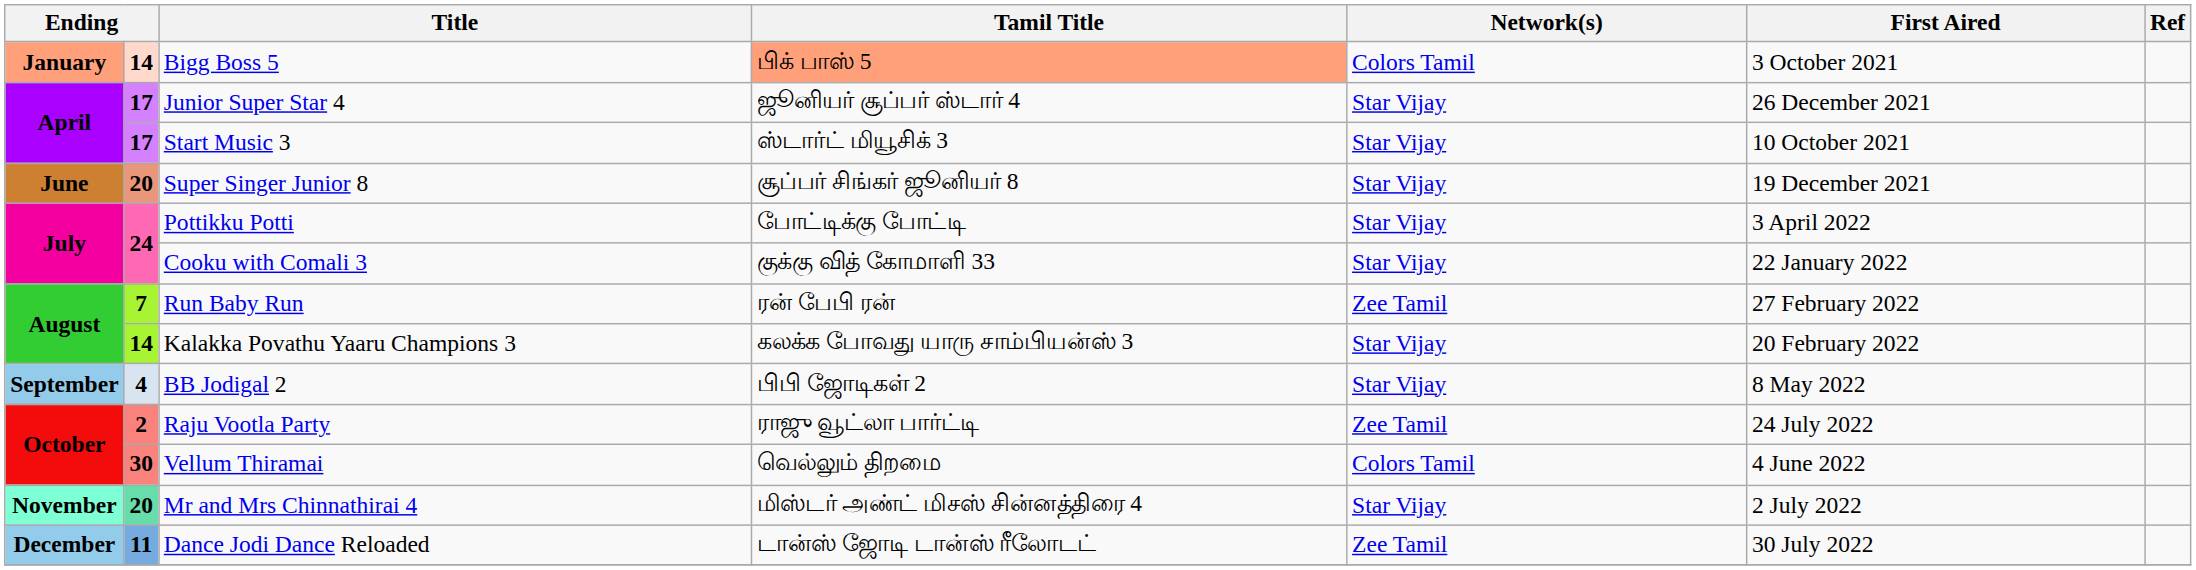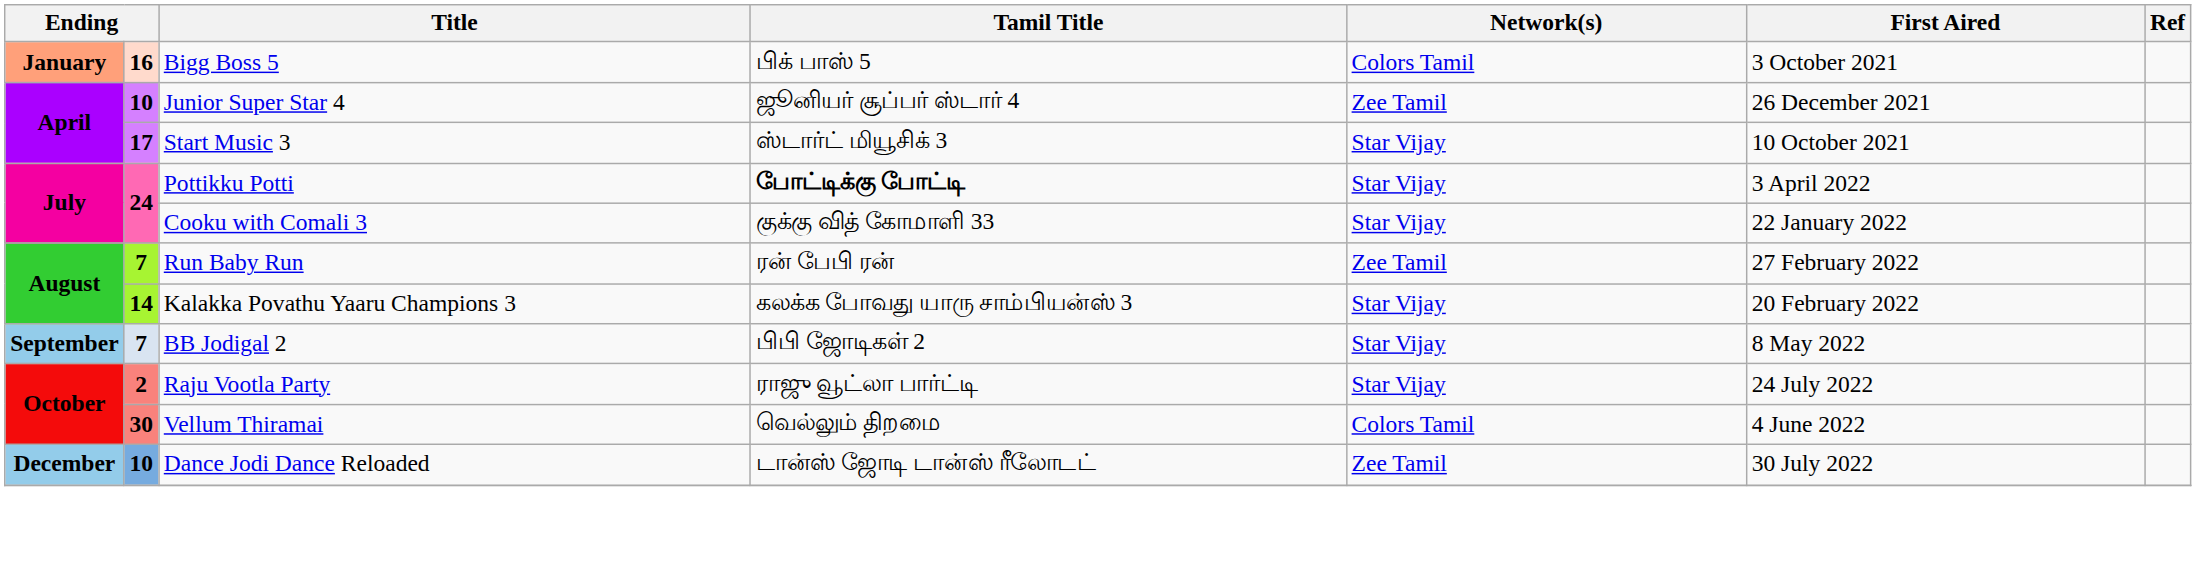 <table class="wikitable" width="75%">
 <tr>
 <th colspan="2">Ending</th>
 <th style="width:30%;">Title</th>
 <th style="width:30%;">Tamil Title</th>
 <th style="width:20%;">Network(s)</th>
 <th style="width:20%;">First Aired</th>
 <th>Ref</th>
 </tr>
 <tr>
 <td rowspan="1" style="text-align:center;background:#ffa07a;textcolor:#000;"><strong>January</strong></td>
-<td style="text-align:center; background:#ffdacc;"><strong>14</strong></td>
+<td style="text-align:center; background:#ffdacc;"><strong>16</strong></td>
 <td><a href='#'>Bigg Boss 5</a></td>
-<td style="background: lightsalmon;">பிக் பாஸ் 5</td>
+<td>பிக் பாஸ் 5</td>
 <td><a href='#'>Colors Tamil</a></td>
 <td>3 October 2021</td>
 <td></td>
 </tr>
 <tr>
 <td rowspan="2" style="text-align:center; background:#a0f; textcolor:#d580ff;"><strong>April</strong></td>
-<td style="text-align:center; background:#d580ff"><strong>17</strong></td>
+<td style="text-align:center; background:#d580ff"><strong>10</strong></td>
 <td><a href='#'>Junior Super Star</a> 4</td>
 <td>ஜூனியர் சூப்பர் ஸ்டார் 4</td>
-<td><a href='#'>Star Vijay</a></td>
+<td><a href='#'>Zee Tamil</a></td>
 <td>26 December 2021</td>
 <td></td>
 </tr>
 <tr>
 <td style="text-align:center; background:#d580ff"><strong>17</strong></td>
 <td><a href='#'>Start Music</a> 3</td>
 <td>ஸ்டார்ட் மியூசிக் 3</td>
 <td><a href='#'>Star Vijay</a></td>
 <td>10 October 2021</td>
 <td></td>
 </tr>
 <tr>
-<td rowspan="1" style="text-align:center; background:#CD7F32; textcolor:#000;"><strong>June</strong></td>
-<td style="text-align:center; background:#e9967a;"><strong>20</strong></td>
-<td><a href='#'>Super Singer Junior</a> 8</td>
-<td>சூப்பர் சிங்கர் ஜூனியர் 8</td>
-<td><a href='#'>Star Vijay</a></td>
-<td>19 December 2021</td>
-<td></td>
-</tr>
-<tr>
 <td rowspan="2" style="text-align:center; background:#F400A1; textcolor:#000;"><strong>July</strong></td>
 <td rowspan="2" style="text-align:center; background:hotPink;"><strong>24</strong></td>
 <td><a href='#'>Pottikku Potti</a></td>
-<td>போட்டிக்கு போட்டி</td>
+<td><strong>போட்டிக்கு போட்டி</strong></td>
 <td><a href='#'>Star Vijay</a></td>
 <td>3 April 2022</td>
 <td></td>
 </tr>
 <tr>
 <td><a href='#'>Cooku with Comali 3</a></td>
 <td>குக்கு வித் கோமாளி 33</td>
 <td><a href='#'>Star Vijay</a></td>
 <td>22 January 2022</td>
 <td></td>
 </tr>
 <tr>
 <td rowspan="2" style="text-align:center; background:#32CD32; textcolor:#d580ff;"><strong>August</strong></td>
 <td style="text-align:center; background:#a7f432;"><strong>7</strong></td>
 <td><a href='#'>Run Baby Run</a></td>
 <td>ரன் பேபி ரன்</td>
 <td><a href='#'>Zee Tamil</a></td>
 <td>27 February 2022</td>
 <td></td>
 </tr>
 <tr>
 <td style="text-align:center; background:#a7f432;"><strong>14</strong></td>
 <td>Kalakka Povathu Yaaru Champions 3</td>
 <td>கலக்க போவது யாரு சாம்பியன்ஸ் 3</td>
 <td><a href='#'>Star Vijay</a></td>
 <td>20 February 2022</td>
 <td></td>
 </tr>
 <tr>
 <td style="text-align:center; background:#93CCEA; textcolor:#d580ff;"><strong>September</strong></td>
-<td style="text-align:center; background:#d9e4f1;"><strong>4</strong></td>
+<td style="text-align:center; background:#d9e4f1;"><strong>7</strong></td>
 <td><a href='#'>BB Jodigal</a> 2</td>
 <td>பிபி ஜோடிகள் 2</td>
 <td><a href='#'>Star Vijay</a></td>
 <td>8 May 2022</td>
 <td></td>
 </tr>
 <tr>
 <td rowspan="2" style="text-align:center; background:#f40b0b; textcolor:#000;"><strong>October</strong></td>
 <td style="text-align:center;background:#f9827c;"><strong>2</strong></td>
 <td><a href='#'>Raju Vootla Party</a></td>
 <td>ராஜு வூட்லா பார்ட்டி</td>
-<td><a href='#'>Zee Tamil</a></td>
+<td><a href='#'>Star Vijay</a></td>
 <td>24 July 2022</td>
 <td></td>
 </tr>
 <tr>
 <td style="text-align:center;background:#f9827c;"><strong>30</strong></td>
 <td><a href='#'>Vellum Thiramai</a></td>
 <td>வெல்லும் திறமை</td>
 <td><a href='#'>Colors Tamil</a></td>
 <td>4 June 2022</td>
 <td></td>
 </tr>
 <tr>
-<td style="text-align:center; background:#7FFFD4; textcolor:#000;"><strong>November</strong></td>
-<td style="text-align:center; background:#6da;"><strong>20</strong></td>
-<td><a href='#'>Mr and Mrs Chinnathirai 4</a></td>
-<td>மிஸ்டர் அண்ட் மிசஸ் சின்னத்திரை 4</td>
-<td><a href='#'>Star Vijay</a></td>
-<td>2 July 2022</td>
-<td></td>
-</tr>
-<tr>
 <td style="text-align:center; background:#93CCEA; textcolor:#000;"><strong>December</strong></td>
-<td style="text-align:center; background:#76ABDF;"><strong>11</strong></td>
+<td style="text-align:center; background:#76ABDF;"><strong>10</strong></td>
 <td><a href='#'>Dance Jodi Dance</a> Reloaded</td>
 <td>டான்ஸ் ஜோடி டான்ஸ் ரீலோடட்</td>
 <td><a href='#'>Zee Tamil</a></td>
 <td>30 July 2022</td>
 <td></td>
 </tr>
 <tr>
 </tr>
 </table>
